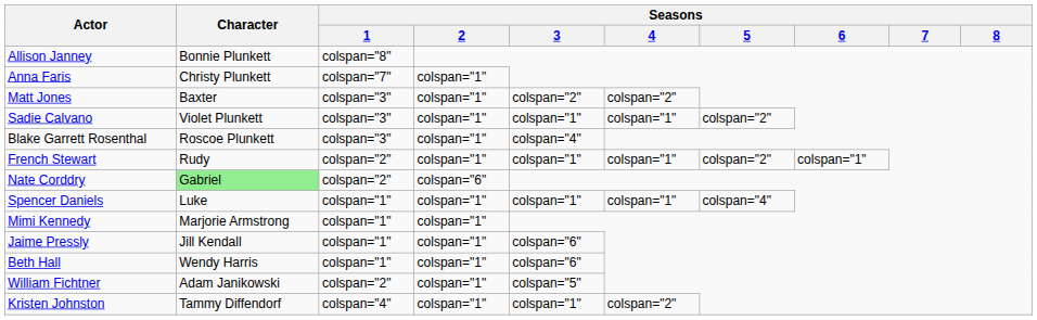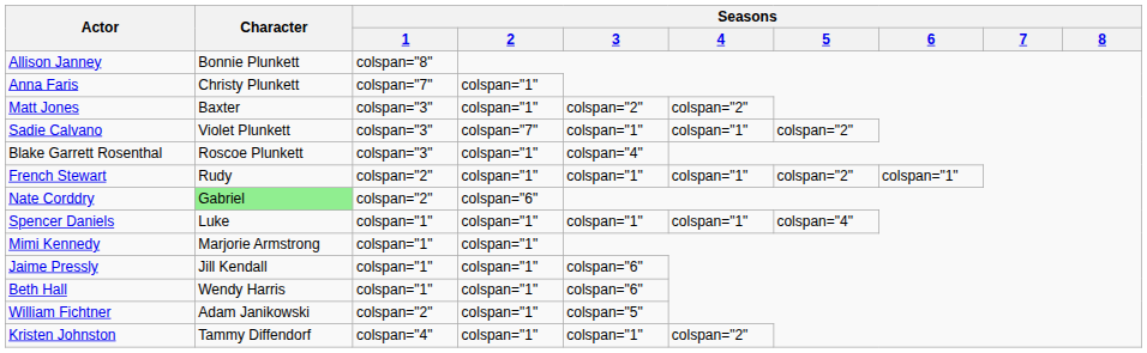 <table class="wikitable plainrowheaders" style="width:100%;">
 <tr>
 <th rowspan="2" style="width:12%;">Actor</th>
 <th rowspan="2" style="width:10%;">Character</th>
 <th colspan="8">Seasons</th>
 </tr>
 <tr>
 <th style="width:5%;"><a href='#'>1</a></th>
 <th style="width:5%;"><a href='#'>2</a></th>
 <th style="width:5%;"><a href='#'>3</a></th>
 <th style="width:5%;"><a href='#'>4</a></th>
 <th style="width:5%;"><a href='#'>5</a></th>
 <th style="width:5%;"><a href='#'>6</a></th>
 <th style="width:5%;"><a href='#'>7</a></th>
 <th style="width:5%;"><a href='#'>8</a></th>
 </tr>
 <tr>
 <td><a href='#'>Allison Janney</a></td>
 <td>Bonnie Plunkett</td>
 <td>colspan="8" </td>
 </tr>
 <tr>
 <td><a href='#'>Anna Faris</a></td>
 <td>Christy Plunkett</td>
 <td>colspan="7" </td>
 <td>colspan="1" </td>
 </tr>
 <tr>
 <td><a href='#'>Matt Jones</a></td>
 <td>Baxter</td>
 <td>colspan="3" </td>
 <td>colspan="1" </td>
 <td>colspan="2" </td>
 <td>colspan="2" </td>
 </tr>
 <tr>
 <td><a href='#'>Sadie Calvano</a></td>
 <td>Violet Plunkett</td>
 <td>colspan="3" </td>
-<td>colspan="1" </td>
+<td>colspan="7" </td>
 <td>colspan="1" </td>
 <td>colspan="1" </td>
 <td>colspan="2" </td>
 </tr>
 <tr>
 <td>Blake Garrett Rosenthal</td>
 <td>Roscoe Plunkett</td>
 <td>colspan="3" </td>
 <td>colspan="1" </td>
 <td>colspan="4" </td>
 </tr>
 <tr>
 <td><a href='#'>French Stewart</a></td>
 <td>Rudy</td>
 <td>colspan="2" </td>
 <td>colspan="1" </td>
 <td>colspan="1" </td>
 <td>colspan="1" </td>
 <td>colspan="2" </td>
 <td>colspan="1" </td>
 </tr>
 <tr>
 <td><a href='#'>Nate Corddry</a></td>
 <td style="background: lightgreen;">Gabriel</td>
 <td>colspan="2" </td>
 <td>colspan="6" </td>
 </tr>
 <tr>
 <td><a href='#'>Spencer Daniels</a></td>
 <td>Luke</td>
 <td>colspan="1" </td>
 <td>colspan="1" </td>
 <td>colspan="1" </td>
 <td>colspan="1" </td>
 <td>colspan="4" </td>
 </tr>
 <tr>
 <td><a href='#'>Mimi Kennedy</a></td>
 <td>Marjorie Armstrong</td>
 <td>colspan="1" </td>
 <td>colspan="1" </td>
 </tr>
 <tr>
 <td><a href='#'>Jaime Pressly</a></td>
 <td>Jill Kendall</td>
 <td>colspan="1" </td>
 <td>colspan="1" </td>
 <td>colspan="6" </td>
 </tr>
 <tr>
 <td><a href='#'>Beth Hall</a></td>
 <td>Wendy Harris</td>
 <td>colspan="1" </td>
 <td>colspan="1" </td>
 <td>colspan="6" </td>
 </tr>
 <tr>
 <td><a href='#'>William Fichtner</a></td>
 <td>Adam Janikowski</td>
 <td>colspan="2" </td>
 <td>colspan="1" </td>
 <td>colspan="5" </td>
 </tr>
 <tr>
 <td><a href='#'>Kristen Johnston</a></td>
 <td>Tammy Diffendorf</td>
 <td>colspan="4" </td>
 <td>colspan="1" </td>
 <td>colspan="1" </td>
 <td>colspan="2" </td>
 </tr>
 </table>
